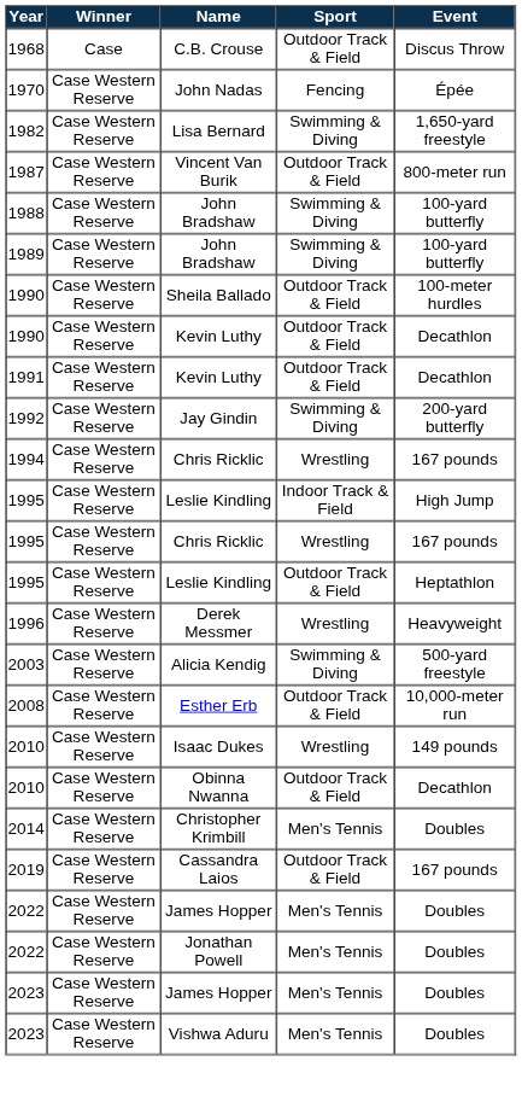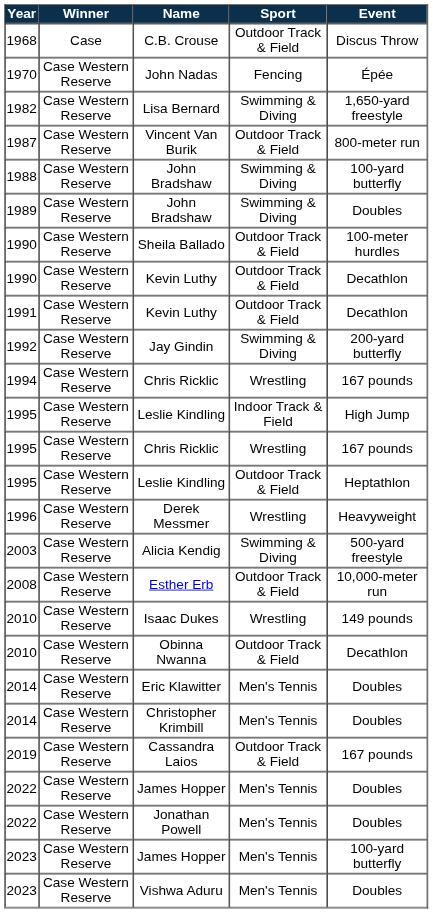 <table bcellpadding="1" border="1" cellspacing="0" style="width:80%;"valign="top">
 <tr>
 <th - style="background:#0A304E; color:white">Year</th>
 <th - style="background:#0A304E; color:white">Winner</th>
 <th - style="background:#0A304E; color:white">Name</th>
 <th - style="background:#0A304E; color:white">Sport</th>
 <th - style="background:#0A304E; color:white">Event</th>
 </tr>
 <tr style="text-align:center;">
 <td>1968</td>
 <td>Case</td>
 <td>C.B. Crouse</td>
 <td>Outdoor Track & Field</td>
 <td>Discus Throw</td>
 </tr>
 <tr style="text-align:center;">
 <td>1970</td>
 <td>Case Western Reserve</td>
 <td>John Nadas</td>
 <td>Fencing</td>
 <td>Épée</td>
 </tr>
 <tr style="text-align:center;">
 <td>1982</td>
 <td>Case Western Reserve</td>
 <td>Lisa Bernard</td>
 <td>Swimming & Diving</td>
 <td>1,650-yard freestyle</td>
 </tr>
 <tr style="text-align:center;">
 <td>1987</td>
 <td>Case Western Reserve</td>
 <td>Vincent Van Burik</td>
 <td>Outdoor Track & Field</td>
 <td>800-meter run</td>
 </tr>
 <tr style="text-align:center;">
 <td>1988</td>
 <td>Case Western Reserve</td>
 <td>John Bradshaw</td>
 <td>Swimming & Diving</td>
 <td>100-yard butterfly</td>
 </tr>
 <tr style="text-align:center;">
 <td>1989</td>
 <td>Case Western Reserve</td>
 <td>John Bradshaw</td>
 <td>Swimming & Diving</td>
-<td>100-yard butterfly</td>
+<td>Doubles</td>
 </tr>
 <tr style="text-align:center;">
 <td>1990</td>
 <td>Case Western Reserve</td>
 <td>Sheila Ballado</td>
 <td>Outdoor Track & Field</td>
 <td>100-meter hurdles</td>
 </tr>
 <tr style="text-align:center;">
 <td>1990</td>
 <td>Case Western Reserve</td>
 <td>Kevin Luthy</td>
 <td>Outdoor Track & Field</td>
 <td>Decathlon</td>
 </tr>
 <tr style="text-align:center;">
 <td>1991</td>
 <td>Case Western Reserve</td>
 <td>Kevin Luthy</td>
 <td>Outdoor Track & Field</td>
 <td>Decathlon</td>
 </tr>
 <tr style="text-align:center;">
 <td>1992</td>
 <td>Case Western Reserve</td>
 <td>Jay Gindin</td>
 <td>Swimming & Diving</td>
 <td>200-yard butterfly</td>
 </tr>
 <tr style="text-align:center;">
 <td>1994</td>
 <td>Case Western Reserve</td>
 <td>Chris Ricklic</td>
 <td>Wrestling</td>
 <td>167 pounds</td>
 </tr>
 <tr style="text-align:center;">
 <td>1995</td>
 <td>Case Western Reserve</td>
 <td>Leslie Kindling</td>
 <td>Indoor Track & Field</td>
 <td>High Jump</td>
 </tr>
 <tr style="text-align:center;">
 <td>1995</td>
 <td>Case Western Reserve</td>
 <td>Chris Ricklic</td>
 <td>Wrestling</td>
 <td>167 pounds</td>
 </tr>
 <tr style="text-align:center;">
 <td>1995</td>
 <td>Case Western Reserve</td>
 <td>Leslie Kindling</td>
 <td>Outdoor Track & Field</td>
 <td>Heptathlon</td>
 </tr>
 <tr style="text-align:center;">
 <td>1996</td>
 <td>Case Western Reserve</td>
 <td>Derek Messmer</td>
 <td>Wrestling</td>
 <td>Heavyweight</td>
 </tr>
 <tr style="text-align:center;">
 <td>2003</td>
 <td>Case Western Reserve</td>
 <td>Alicia Kendig</td>
 <td>Swimming & Diving</td>
 <td>500-yard freestyle</td>
 </tr>
 <tr style="text-align:center;">
 <td>2008</td>
 <td>Case Western Reserve</td>
 <td><a href='#'>Esther Erb</a></td>
 <td>Outdoor Track & Field</td>
 <td>10,000-meter run</td>
 </tr>
 <tr style="text-align:center;">
 <td>2010</td>
 <td>Case Western Reserve</td>
 <td>Isaac Dukes</td>
 <td>Wrestling</td>
 <td>149 pounds</td>
 </tr>
 <tr style="text-align:center;">
 <td>2010</td>
 <td>Case Western Reserve</td>
 <td>Obinna Nwanna</td>
 <td>Outdoor Track & Field</td>
 <td>Decathlon</td>
 </tr>
 <tr style="text-align:center;">
 <td>2014</td>
 <td>Case Western Reserve</td>
+<td>Eric Klawitter</td>
+<td>Men's Tennis</td>
+<td>Doubles</td>
+</tr>
+<tr style="text-align:center;">
+<td>2014</td>
+<td>Case Western Reserve</td>
 <td>Christopher Krimbill</td>
 <td>Men's Tennis</td>
 <td>Doubles</td>
 </tr>
 <tr style="text-align:center;">
 <td>2019</td>
 <td>Case Western Reserve</td>
 <td>Cassandra Laios</td>
 <td>Outdoor Track & Field</td>
 <td>167 pounds</td>
 </tr>
 <tr style="text-align:center;">
 <td>2022</td>
 <td>Case Western Reserve</td>
 <td>James Hopper</td>
 <td>Men's Tennis</td>
 <td>Doubles</td>
 </tr>
 <tr style="text-align:center;">
 <td>2022</td>
 <td>Case Western Reserve</td>
 <td>Jonathan Powell</td>
 <td>Men's Tennis</td>
 <td>Doubles</td>
 </tr>
 <tr style="text-align:center;">
 <td>2023</td>
 <td>Case Western Reserve</td>
 <td>James Hopper</td>
 <td>Men's Tennis</td>
-<td>Doubles</td>
+<td>100-yard butterfly</td>
 </tr>
 <tr style="text-align:center;">
 <td>2023</td>
 <td>Case Western Reserve</td>
 <td>Vishwa Aduru</td>
 <td>Men's Tennis</td>
 <td>Doubles</td>
 </tr>
 <tr style="text-align:center;">
 </tr>
 </table>
